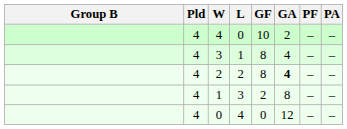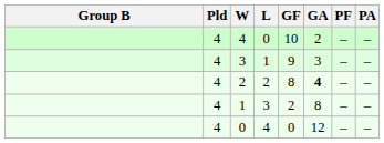 <table class=wikitable style="text-align:center">
 <tr>
 <th width=220>Group B</th>
 <th width=20>Pld</th>
 <th width=20>W</th>
 <th width=20>L</th>
 <th width=20>GF</th>
 <th width=20>GA</th>
 <th width=20>PF</th>
 <th width=20>PA</th>
 </tr>
 <tr bgcolor=ccffcc>
 <td align=left></td>
 <td>4</td>
 <td>4</td>
 <td>0</td>
 <td>10</td>
 <td>2</td>
 <td>–</td>
 <td>–</td>
 </tr>
 <tr bgcolor=ddffdd>
 <td align=left></td>
 <td>4</td>
 <td>3</td>
 <td>1</td>
-<td>8</td>
-<td>4</td>
+<td>9</td>
+<td>3</td>
 <td>–</td>
 <td>–</td>
 </tr>
 <tr bgcolor=eeffee>
 <td align=left></td>
 <td>4</td>
 <td>2</td>
 <td>2</td>
 <td>8</td>
 <td><strong>4</strong></td>
 <td>–</td>
 <td>–</td>
 </tr>
 <tr bgcolor=eeffee>
 <td align=left></td>
 <td>4</td>
 <td>1</td>
 <td>3</td>
 <td>2</td>
 <td>8</td>
 <td>–</td>
 <td>–</td>
 </tr>
 <tr bgcolor=eeffee>
 <td align=left></td>
 <td>4</td>
 <td>0</td>
 <td>4</td>
 <td>0</td>
 <td>12</td>
 <td>–</td>
 <td>–</td>
 </tr>
 </table>
